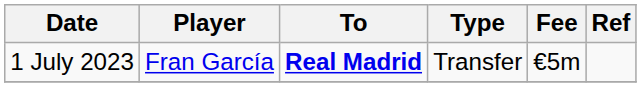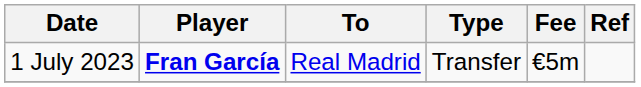 <table class="wikitable">
 <tr>
 <th>Date</th>
 <th>Player</th>
 <th>To</th>
 <th>Type</th>
 <th>Fee</th>
 <th>Ref</th>
 </tr>
 <tr>
 <td>1 July 2023</td>
-<td> <a href='#'>Fran García</a></td>
-<td><strong><a href='#'>Real Madrid</a></strong></td>
+<td><strong> <a href='#'>Fran García</a></strong></td>
+<td><a href='#'>Real Madrid</a></td>
 <td>Transfer</td>
 <td>€5m</td>
 <td></td>
 </tr>
 <tr>
 </tr>
 </table>
